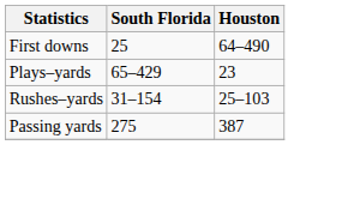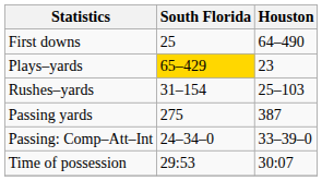 <table class="wikitable" style="float: left;">
 <tr>
 <th>Statistics</th>
 <th>South Florida</th>
 <th>Houston</th>
 </tr>
 <tr>
 <td>First downs</td>
 <td>25</td>
 <td>64–490</td>
 </tr>
 <tr>
 <td>Plays–yards</td>
-<td>65–429</td>
+<td style="background: gold;">65–429</td>
 <td>23</td>
 </tr>
 <tr>
 <td>Rushes–yards</td>
 <td>31–154</td>
 <td>25–103</td>
 </tr>
 <tr>
 <td>Passing yards</td>
 <td>275</td>
 <td>387</td>
 </tr>
 <tr>
+<td>Passing: Comp–Att–Int</td>
+<td>24–34–0</td>
+<td>33–39–0</td>
+</tr>
+<tr>
+<td>Time of possession</td>
+<td>29:53</td>
+<td>30:07</td>
+</tr>
+<tr>
 </tr>
 </table>
